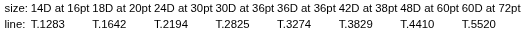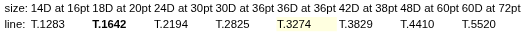 <table style="margin-left:40px;">
 <tr>
 <td>size:</td>
 <td>14D at 16pt</td>
 <td>18D at 20pt</td>
 <td>24D at 30pt</td>
 <td>30D at 36pt</td>
 <td>36D at 36pt</td>
 <td>42D at 38pt</td>
 <td>48D at 60pt</td>
 <td>60D at 72pt</td>
 </tr>
 <tr>
 <td>line:</td>
 <td>T.1283</td>
-<td>T.1642</td>
+<td><strong>T.1642</strong></td>
 <td>T.2194</td>
 <td>T.2825</td>
-<td>T.3274</td>
+<td style="background: lightyellow;">T.3274</td>
 <td>T.3829</td>
 <td>T.4410</td>
 <td>T.5520</td>
 </tr>
 </table>
